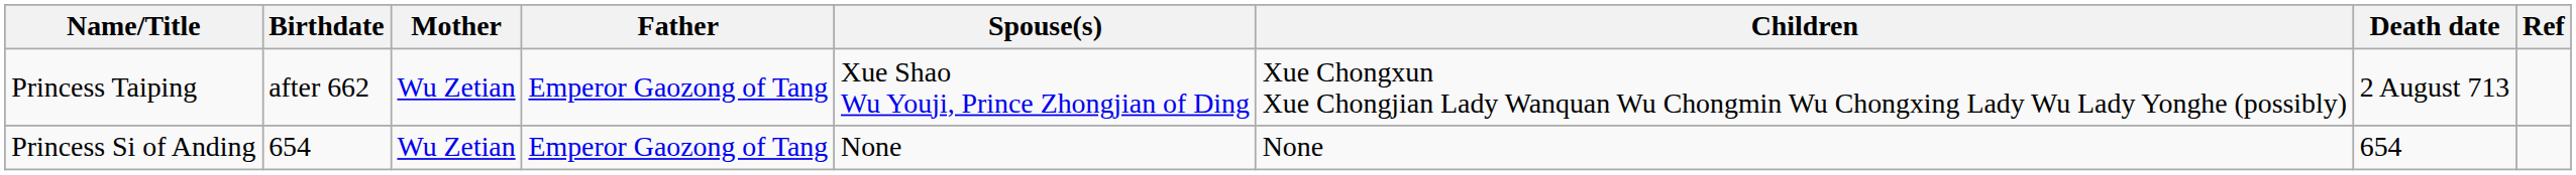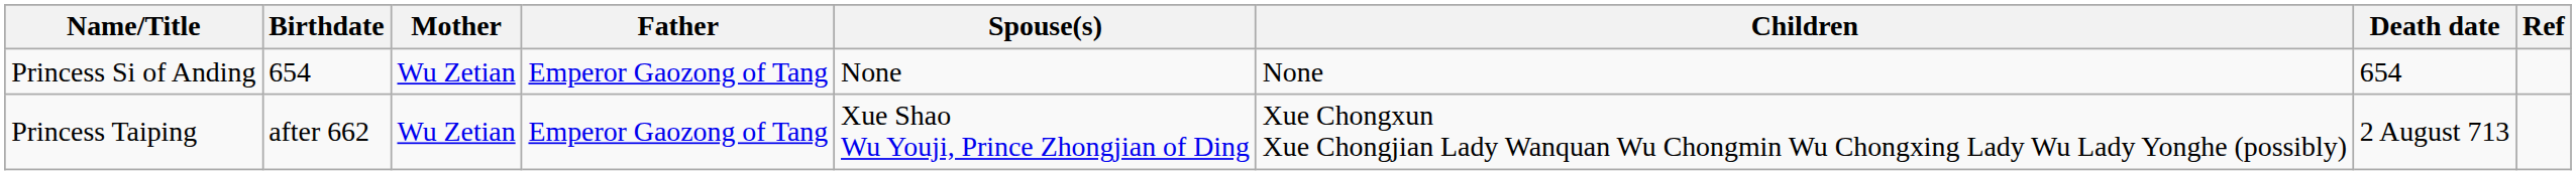 <table class="wikitable">
 <tr>
 <th>Name/Title</th>
 <th>Birthdate</th>
 <th>Mother</th>
 <th>Father</th>
 <th>Spouse(s)</th>
 <th>Children</th>
 <th>Death date</th>
 <th>Ref</th>
 </tr>
 <tr>
+<td>Princess Si of Anding</td>
+<td>654</td>
+<td><a href='#'>Wu Zetian</a></td>
+<td><a href='#'>Emperor Gaozong of Tang</a></td>
+<td>None</td>
+<td>None</td>
+<td>654</td>
+<td></td>
+</tr>
+<tr>
 <td>Princess Taiping</td>
 <td>after 662</td>
 <td><a href='#'>Wu Zetian</a></td>
 <td><a href='#'>Emperor Gaozong of Tang</a></td>
 <td>Xue Shao<br><a href='#'>Wu Youji, Prince Zhongjian of Ding</a></td>
 <td>Xue Chongxun<br>Xue Chongjian  Lady Wanquan  Wu Chongmin  Wu Chongxing  Lady Wu  Lady Yonghe (possibly)</td>
 <td>2 August 713</td>
 <td></td>
 </tr>
-<tr>
-<td>Princess Si of Anding</td>
-<td>654</td>
-<td><a href='#'>Wu Zetian</a></td>
-<td><a href='#'>Emperor Gaozong of Tang</a></td>
-<td>None</td>
-<td>None</td>
-<td>654</td>
-<td></td>
-</tr>
 </table>
